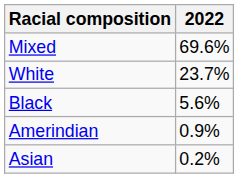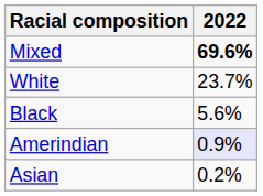 <table class="wikitable sortable collapsible" style="font-size: 90%;">
 <tr>
 <th>Racial composition</th>
 <th>2022</th>
 </tr>
 <tr>
 <td><a href='#'>Mixed</a></td>
-<td>69.6%</td>
+<td><strong>69.6%</strong></td>
 </tr>
 <tr>
 <td><a href='#'>White</a></td>
 <td>23.7%</td>
 </tr>
 <tr>
 <td><a href='#'>Black</a></td>
 <td>5.6%</td>
 </tr>
 <tr>
 <td><a href='#'>Amerindian</a></td>
-<td>0.9%</td>
+<td style="background: lavender;">0.9%</td>
 </tr>
 <tr>
 <td><a href='#'>Asian</a></td>
 <td>0.2%</td>
 </tr>
 </table>
